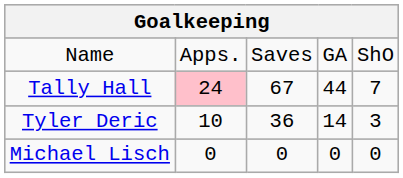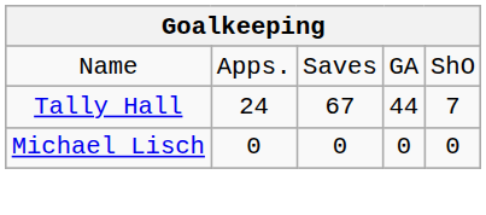 <table class="wikitable" style="text-align: center;">
 <tr>
 <th colspan="5">Goalkeeping</th>
 </tr>
 <tr>
 <td>Name</td>
 <td>Apps.</td>
 <td>Saves</td>
 <td>GA</td>
 <td>ShO</td>
 </tr>
 <tr>
 <td><a href='#'>Tally Hall</a></td>
-<td style="background: pink;">24</td>
+<td>24</td>
 <td>67</td>
 <td>44</td>
 <td>7</td>
-</tr>
-<tr>
-<td><a href='#'>Tyler Deric</a></td>
-<td>10</td>
-<td>36</td>
-<td>14</td>
-<td>3</td>
 </tr>
 <tr>
 <td><a href='#'>Michael Lisch</a></td>
 <td>0</td>
 <td>0</td>
 <td>0</td>
 <td>0</td>
 </tr>
 </table>
